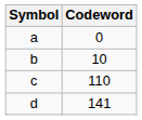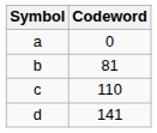 <table class="wikitable" style="text-align:center; position: relative; left: 1in;" |>
 <tr>
 <th>Symbol</th>
 <th>Codeword</th>
 </tr>
 <tr>
 <td>a</td>
 <td>0</td>
 </tr>
 <tr>
 <td>b</td>
-<td>10</td>
+<td>81</td>
 </tr>
 <tr>
 <td>c</td>
 <td>110</td>
 </tr>
 <tr>
 <td>d</td>
 <td>141</td>
 </tr>
 </table>
